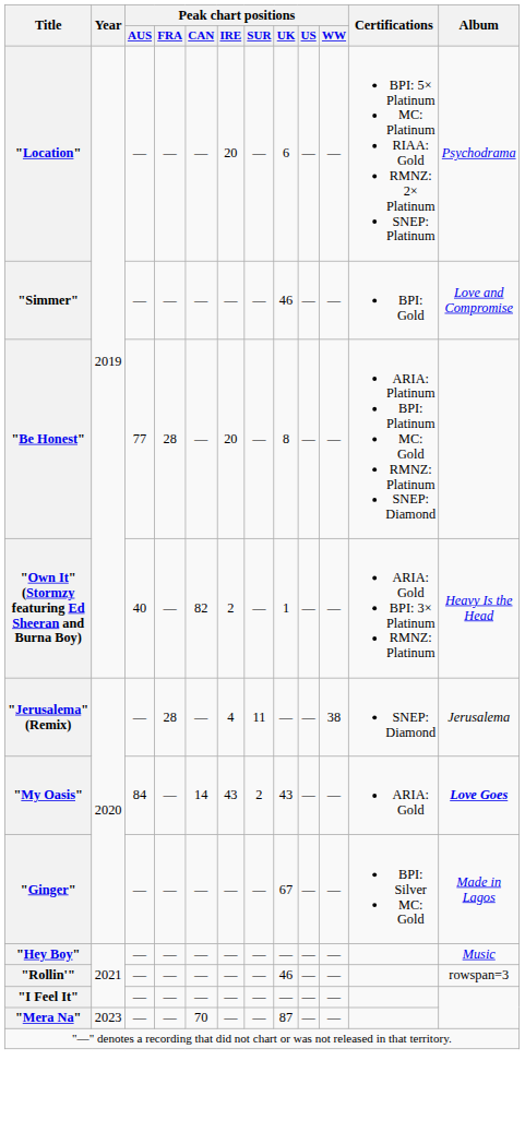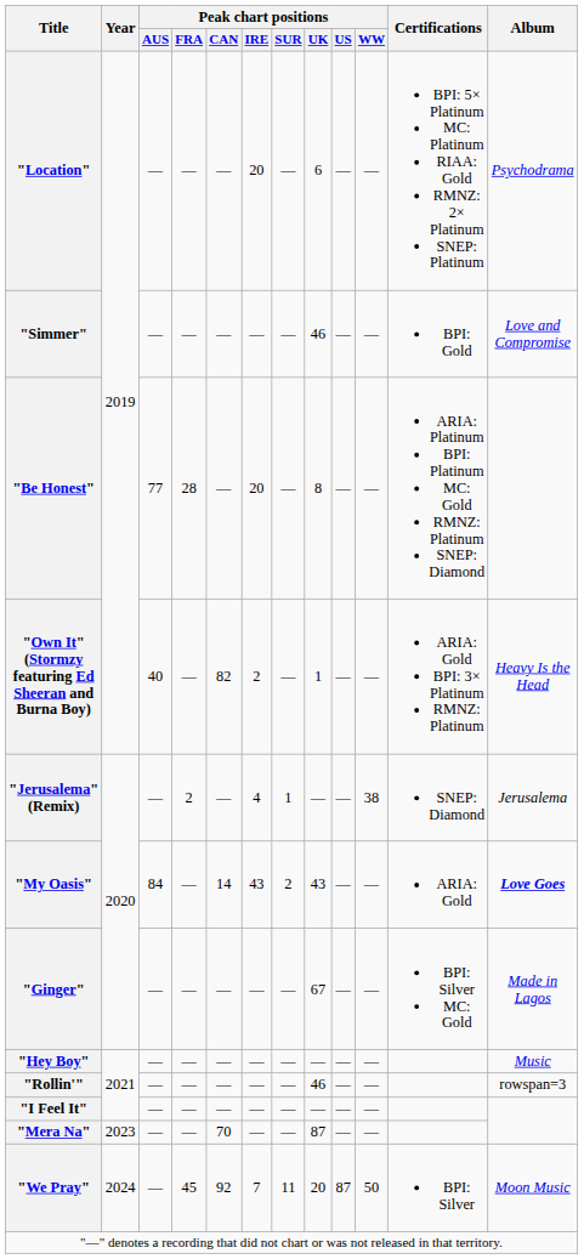 <table class="wikitable plainrowheaders" style="text-align:center;">
 <tr>
 <th scope="col" rowspan="2">Title</th>
 <th scope="col" rowspan="2">Year</th>
 <th colspan="8" scope="col">Peak chart positions</th>
 <th scope="col" rowspan="2">Certifications</th>
 <th scope="col" rowspan="2">Album</th>
 </tr>
 <tr>
 <th scope="col" style="width:2.8em;font-size:90%;"><a href='#'>AUS</a><br></th>
 <th scope="col" style="width:2.8em;font-size:90%;"><a href='#'>FRA</a><br></th>
 <th scope="col" style="width:2.8em;font-size:90%;"><a href='#'>CAN</a><br></th>
 <th scope="col" style="width:2.8em;font-size:90%;"><a href='#'>IRE</a><br></th>
 <th scope="col" style="width:2.5em;font-size:90%;"><a href='#'>SUR</a><br></th>
 <th scope="col" style="width:2.8em;font-size:90%;"><a href='#'>UK</a><br></th>
 <th scope="col" style="width:2.8em;font-size:90%;"><a href='#'>US</a><br></th>
 <th scope="col" style="width:2.8em;font-size:90%;"><a href='#'>WW</a><br></th>
 </tr>
 <tr>
 <th scope="row">"<a href='#'>Location</a>"<br></th>
 <td rowspan="4">2019</td>
 <td>—</td>
 <td>—</td>
 <td>—</td>
 <td>20</td>
 <td>—</td>
 <td>6</td>
 <td>—</td>
 <td>—</td>
 <td><br><ul><li>BPI: 5× Platinum</li><li>MC: Platinum</li><li>RIAA: Gold</li><li>RMNZ: 2× Platinum</li><li>SNEP: Platinum</li></ul></td>
 <td><em><a href='#'>Psychodrama</a></em></td>
 </tr>
 <tr>
 <th scope="row">"Simmer"<br></th>
 <td>—</td>
 <td>—</td>
 <td>—</td>
 <td>—</td>
 <td>—</td>
 <td>46</td>
 <td>—</td>
 <td>—</td>
 <td><br><ul><li>BPI: Gold</li></ul></td>
 <td><em><a href='#'>Love and Compromise</a></em></td>
 </tr>
 <tr>
 <th scope="row">"<a href='#'>Be Honest</a>"<br></th>
 <td>77</td>
 <td>28</td>
 <td>—</td>
 <td>20</td>
 <td>—</td>
 <td>8</td>
 <td>—</td>
 <td>—</td>
 <td><br><ul><li>ARIA: Platinum</li><li>BPI: Platinum</li><li>MC: Gold</li><li>RMNZ: Platinum</li><li>SNEP: Diamond</li></ul></td>
 <td></td>
 </tr>
 <tr>
 <th scope="row">"<a href='#'>Own It</a>"<br><span>(<a href='#'>Stormzy</a> featuring <a href='#'>Ed Sheeran</a> and Burna Boy)</span></th>
 <td>40</td>
 <td>—</td>
 <td>82</td>
 <td>2</td>
 <td>—</td>
 <td>1</td>
 <td>—</td>
 <td>—</td>
 <td><br><ul><li>ARIA: Gold</li><li>BPI: 3× Platinum</li><li>RMNZ: Platinum</li></ul></td>
 <td><em><a href='#'>Heavy Is the Head</a></em></td>
 </tr>
 <tr>
 <th scope="row">"<a href='#'>Jerusalema</a>" (Remix)<br></th>
 <td rowspan="3">2020</td>
 <td>—</td>
-<td>28</td>
+<td>2</td>
 <td>—</td>
 <td>4</td>
-<td>11</td>
+<td>1</td>
 <td>—</td>
 <td>—</td>
 <td>38</td>
 <td><br><ul><li>SNEP: Diamond</li></ul></td>
 <td><em>Jerusalema</em></td>
 </tr>
 <tr>
 <th scope="row">"<a href='#'>My Oasis</a>"<br></th>
 <td>84</td>
 <td>—</td>
 <td>14</td>
 <td>43</td>
 <td>2</td>
 <td>43</td>
 <td>—</td>
 <td>—</td>
 <td><br><ul><li>ARIA: Gold</li></ul></td>
 <td><strong><em><a href='#'>Love Goes</a></em></strong></td>
 </tr>
 <tr>
 <th scope="row">"<a href='#'>Ginger</a>"<br></th>
 <td>—</td>
 <td>—</td>
 <td>—</td>
 <td>—</td>
 <td>—</td>
 <td>67</td>
 <td>—</td>
 <td>—</td>
 <td><br><ul><li>BPI: Silver</li><li>MC: Gold</li></ul></td>
 <td><em><a href='#'>Made in Lagos</a></em></td>
 </tr>
 <tr>
 <th scope="row">"<a href='#'>Hey Boy</a>" <br></th>
 <td rowspan="3">2021</td>
 <td>—</td>
 <td>—</td>
 <td>—</td>
 <td>—</td>
 <td>—</td>
 <td>—</td>
 <td>—</td>
 <td>—</td>
 <td></td>
 <td><a href='#'><em>Music</em></a></td>
 </tr>
 <tr>
 <th scope="row">"Rollin'"<br></th>
 <td>—</td>
 <td>—</td>
 <td>—</td>
 <td>—</td>
 <td>—</td>
 <td>46</td>
 <td>—</td>
 <td>—</td>
 <td></td>
 <td>rowspan=3 </td>
 </tr>
 <tr>
 <th scope="row">"I Feel It"<br></th>
 <td>—</td>
 <td>—</td>
 <td>—</td>
 <td>—</td>
 <td>—</td>
 <td>—</td>
 <td>—</td>
 <td>—</td>
 <td></td>
 </tr>
 <tr>
 <th scope="row">"<a href='#'>Mera Na</a>"<br></th>
 <td>2023</td>
 <td>—</td>
 <td>—</td>
 <td>70</td>
 <td>—</td>
 <td>—</td>
 <td>87</td>
 <td>—</td>
 <td>—</td>
 <td></td>
 </tr>
 <tr>
+<th scope="row">"<a href='#'>We Pray</a>"<br></th>
+<td>2024</td>
+<td>—</td>
+<td>45</td>
+<td>92</td>
+<td>7</td>
+<td>11</td>
+<td>20</td>
+<td>87</td>
+<td>50</td>
+<td><br><ul><li>BPI: Silver</li></ul></td>
+<td><em><a href='#'>Moon Music</a></em></td>
+</tr>
+<tr>
 <td colspan="12" style="font-size:90%">"—" denotes a recording that did not chart or was not released in that territory.</td>
 </tr>
 </table>
